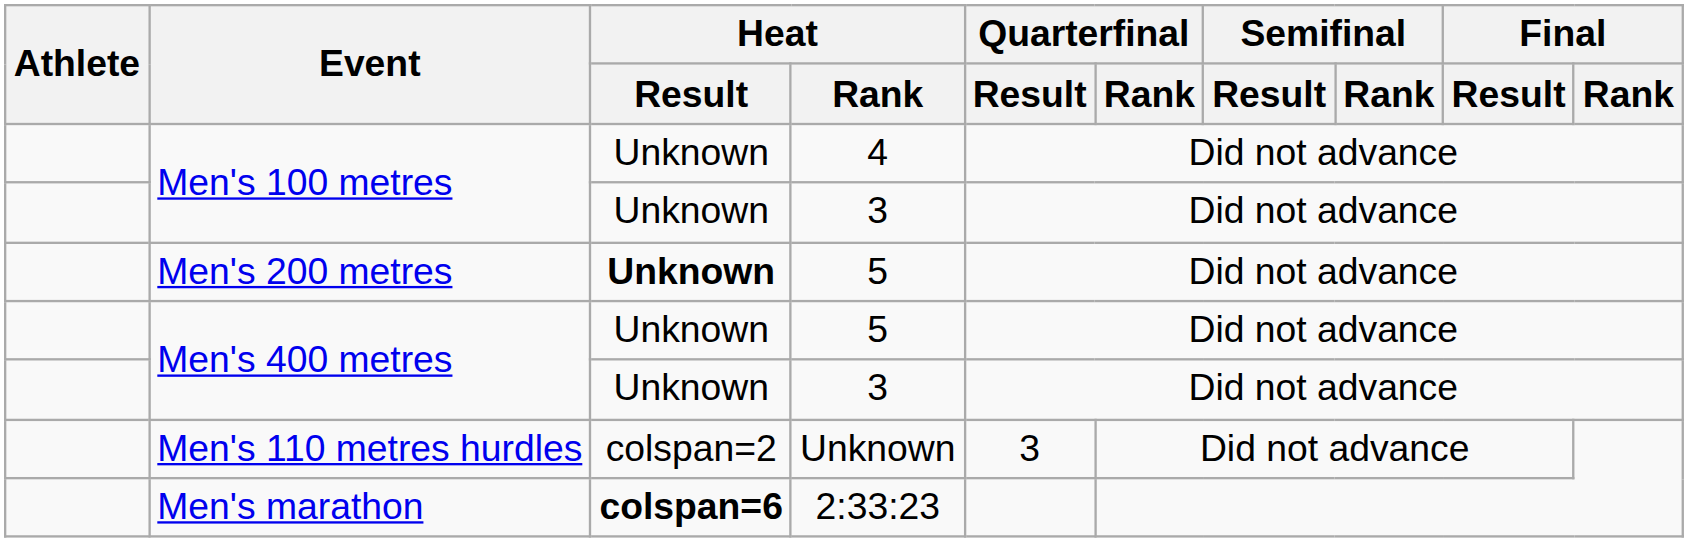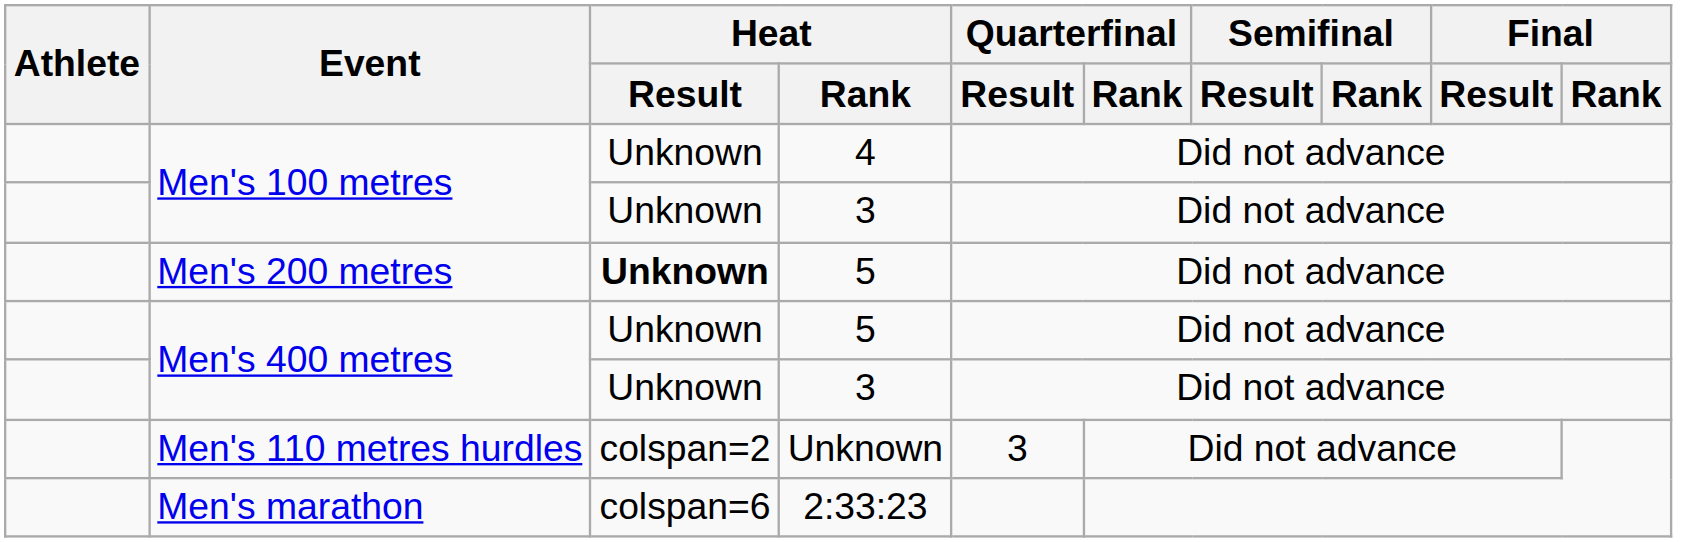 <table class="wikitable sortable" style=text-align:center>
 <tr>
 <th rowspan=2>Athlete</th>
 <th rowspan=2>Event</th>
 <th colspan=2>Heat</th>
 <th colspan=2>Quarterfinal</th>
 <th colspan=2>Semifinal</th>
 <th colspan=2>Final</th>
 </tr>
 <tr>
 <th>Result</th>
 <th>Rank</th>
 <th>Result</th>
 <th>Rank</th>
 <th>Result</th>
 <th>Rank</th>
 <th>Result</th>
 <th>Rank</th>
 </tr>
 <tr>
 <td align=left></td>
 <td rowspan=2 align=left><a href='#'>Men's 100 metres</a></td>
 <td>Unknown</td>
 <td>4</td>
 <td colspan=6>Did not advance</td>
 </tr>
 <tr>
 <td align=left></td>
 <td>Unknown</td>
 <td>3</td>
 <td colspan=6>Did not advance</td>
 </tr>
 <tr>
 <td align=left></td>
 <td align=left><a href='#'>Men's 200 metres</a></td>
 <td><strong>Unknown</strong></td>
 <td>5</td>
 <td colspan=6>Did not advance</td>
 </tr>
 <tr>
 <td align=left></td>
 <td rowspan=2 align=left><a href='#'>Men's 400 metres</a></td>
 <td>Unknown</td>
 <td>5</td>
 <td colspan=6>Did not advance</td>
 </tr>
 <tr>
 <td align=left></td>
 <td>Unknown</td>
 <td>3</td>
 <td colspan=6>Did not advance</td>
 </tr>
 <tr>
 <td align=left></td>
 <td align=left><a href='#'>Men's 110 metres hurdles</a></td>
 <td>colspan=2 </td>
 <td>Unknown</td>
 <td>3</td>
 <td colspan=4>Did not advance</td>
 </tr>
 <tr>
 <td align=left><strong></strong></td>
 <td align=left><a href='#'>Men's marathon</a></td>
-<td><strong>colspan=6 </strong></td>
+<td>colspan=6 </td>
 <td>2:33:23</td>
 <td></td>
 </tr>
 </table>
